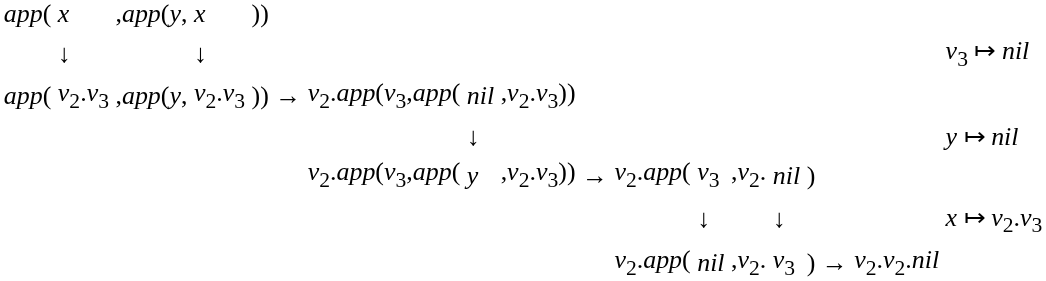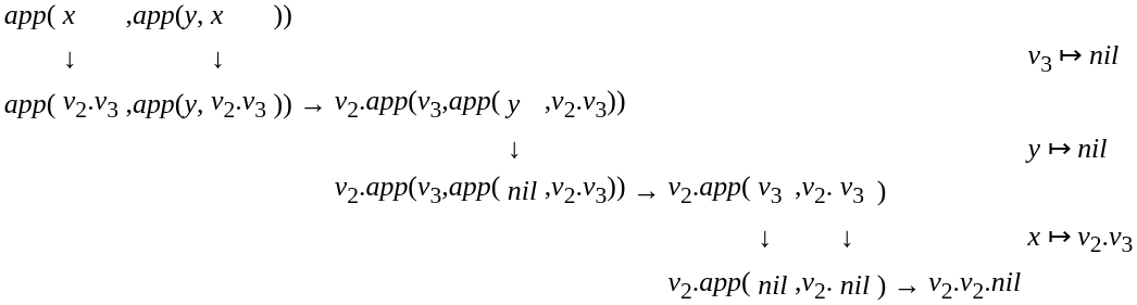 <table>
 <tr>
 <td><em>app</em>(</td>
 <td><em>x</em></td>
 <td>,<em>app</em>(<em>y</em>,</td>
 <td><em>x</em></td>
 <td>))</td>
 </tr>
 <tr>
 <td></td>
 <td>↓</td>
 <td></td>
 <td>↓</td>
 <td></td>
 <td></td>
 <td></td>
 <td></td>
 <td></td>
 <td></td>
 <td></td>
 <td></td>
 <td></td>
 <td></td>
 <td></td>
 <td></td>
 <td></td>
 <td><em>v</em><sub>3</sub> ↦ <em>nil</em></td>
 </tr>
 <tr>
 <td><em>app</em>(</td>
 <td><em>v</em><sub>2</sub>.<em>v</em><sub>3</sub></td>
 <td>,<em>app</em>(<em>y</em>,</td>
 <td><em>v</em><sub>2</sub>.<em>v</em><sub>3</sub></td>
 <td>))</td>
 <td>→</td>
 <td><em>v</em><sub>2</sub>.<em>app</em>(<em>v</em><sub>3</sub>,<em>app</em>(</td>
-<td><em>nil</em></td>
+<td><em>y</em></td>
 <td>,<em>v</em><sub>2</sub>.<em>v</em><sub>3</sub>))</td>
 </tr>
 <tr>
 <td></td>
 <td></td>
 <td></td>
 <td></td>
 <td></td>
 <td></td>
 <td></td>
 <td>↓</td>
 <td></td>
 <td></td>
 <td></td>
 <td></td>
 <td></td>
 <td></td>
 <td></td>
 <td></td>
 <td></td>
 <td><em>y</em> ↦ <em>nil</em></td>
 </tr>
 <tr>
 <td></td>
 <td></td>
 <td></td>
 <td></td>
 <td></td>
 <td></td>
 <td><em>v</em><sub>2</sub>.<em>app</em>(<em>v</em><sub>3</sub>,<em>app</em>(</td>
-<td><em>y</em></td>
+<td><em>nil</em></td>
 <td>,<em>v</em><sub>2</sub>.<em>v</em><sub>3</sub>))</td>
 <td>→</td>
 <td><em>v</em><sub>2</sub>.<em>app</em>(</td>
 <td><em>v</em><sub>3</sub></td>
 <td>,<em>v</em><sub>2</sub>.</td>
-<td><em>nil</em></td>
+<td><em>v</em><sub>3</sub></td>
 <td>)</td>
 </tr>
 <tr>
 <td></td>
 <td></td>
 <td></td>
 <td></td>
 <td></td>
 <td></td>
 <td></td>
 <td></td>
 <td></td>
 <td></td>
 <td></td>
 <td>↓</td>
 <td></td>
 <td>↓</td>
 <td></td>
 <td></td>
 <td></td>
 <td><em>x</em> ↦ <em>v</em><sub>2</sub>.<em>v</em><sub>3</sub></td>
 </tr>
 <tr>
 <td></td>
 <td></td>
 <td></td>
 <td></td>
 <td></td>
 <td></td>
 <td></td>
 <td></td>
 <td></td>
 <td></td>
 <td><em>v</em><sub>2</sub>.<em>app</em>(</td>
 <td><em>nil</em></td>
 <td>,<em>v</em><sub>2</sub>.</td>
-<td><em>v</em><sub>3</sub></td>
+<td><em>nil</em></td>
 <td>)</td>
 <td>→</td>
 <td><em>v</em><sub>2</sub>.<em>v</em><sub>2</sub>.<em>nil</em></td>
 </tr>
 </table>
